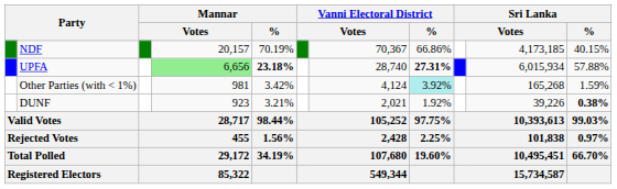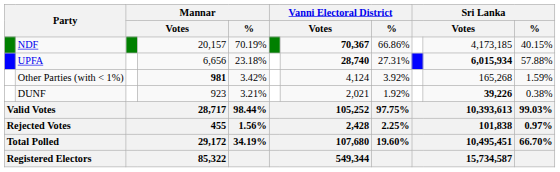 <table class="wikitable">
 <tr>
 <th colspan="2" width="144px"rowspan="2">Party</th>
 <th colspan="3" width="216px">Mannar</th>
 <th colspan="3" width="216px"><a href='#'>Vanni Electoral District</a></th>
 <th colspan="3" width="216px">Sri Lanka</th>
 </tr>
 <tr>
 <th colspan="2" width="144px">Votes</th>
 <th>%</th>
 <th colspan="2" width="144px">Votes</th>
 <th>%</th>
 <th colspan="2" width="144px">Votes</th>
 <th>%</th>
 </tr>
 <tr>
 <td style="background-color:green;" width="10px"></td>
 <td style="text-align:left;"><a href='#'>NDF</a></td>
 <td style="background-color:green;" width="10px"></td>
 <td style="text-align:right;">20,157</td>
 <td style="text-align:right;">70.19%</td>
 <td style="background-color:green;" width="10px"></td>
-<td style="text-align:right;">70,367</td>
+<td style="text-align:right;"><strong>70,367</strong></td>
 <td style="text-align:right;">66.86%</td>
 <td style="background-color:white;" width="10px"></td>
 <td style="text-align:right;">4,173,185</td>
 <td style="text-align:right;">40.15%</td>
 </tr>
 <tr>
 <td style="background-color:blue;" width="10px"></td>
 <td style="text-align:left;"><a href='#'>UPFA</a></td>
 <td style="background-color:white;" width="10px"></td>
-<td style="background: lightgreen; text-align:right;">6,656</td>
-<td style="text-align:right;"><strong>23.18%</strong></td>
+<td style="text-align:right;">6,656</td>
+<td style="text-align:right;">23.18%</td>
 <td style="background-color:white;" width="10px"></td>
-<td style="text-align:right;">28,740</td>
-<td style="text-align:right;"><strong>27.31%</strong></td>
+<td style="text-align:right;"><strong>28,740</strong></td>
+<td style="text-align:right;">27.31%</td>
 <td style="background-color:blue;" width="10px"></td>
-<td style="text-align:right;">6,015,934</td>
+<td style="text-align:right;"><strong>6,015,934</strong></td>
 <td style="text-align:right;">57.88%</td>
 </tr>
 <tr>
 <td style="background-color:white;" width="10px"></td>
 <td style="text-align:left;">Other Parties (with < 1%)</td>
 <td style="background-color:white;" width="10px"></td>
-<td style="text-align:right;">981</td>
+<td style="text-align:right;"><strong>981</strong></td>
 <td style="text-align:right;">3.42%</td>
 <td style="background-color:white;" width="10px"></td>
 <td style="text-align:right;">4,124</td>
-<td style="background: paleturquoise; text-align:right;">3.92%</td>
+<td style="text-align:right;">3.92%</td>
 <td style="background-color:white;" width="10px"></td>
 <td style="text-align:right;">165,268</td>
 <td style="text-align:right;">1.59%</td>
 </tr>
 <tr>
 <td style="background-color:white;" width="10px"></td>
 <td style="text-align:left;">DUNF</td>
 <td style="background-color:white;" width="10px"></td>
 <td style="text-align:right;">923</td>
 <td style="text-align:right;">3.21%</td>
 <td style="background-color:white;" width="10px"></td>
 <td style="text-align:right;">2,021</td>
 <td style="text-align:right;">1.92%</td>
 <td style="background-color:white;" width="10px"></td>
-<td style="text-align:right;">39,226</td>
-<td style="text-align:right;"><strong>0.38%</strong></td>
+<td style="text-align:right;"><strong>39,226</strong></td>
+<td style="text-align:right;">0.38%</td>
 </tr>
 <tr>
 <th colspan="2" width="144px"style="text-align:left;">Valid Votes</th>
 <th style="text-align:right;"colspan="2" width="144px">28,717</th>
 <th style="text-align:right;">98.44%</th>
 <th style="text-align:right;"colspan="2" width="144px">105,252</th>
 <th style="text-align:right;">97.75%</th>
 <th style="text-align:right;"colspan="2" width="144px">10,393,613</th>
 <th style="text-align:right;">99.03%</th>
 </tr>
 <tr>
 <th colspan="2" width="144px"style="text-align:left;">Rejected Votes</th>
 <th style="text-align:right;"colspan="2" width="144px">455</th>
 <th style="text-align:right;">1.56%</th>
 <th style="text-align:right;"colspan="2" width="144px">2,428</th>
 <th style="text-align:right;">2.25%</th>
 <th style="text-align:right;"colspan="2" width="144px">101,838</th>
 <th style="text-align:right;">0.97%</th>
 </tr>
 <tr>
 <th colspan="2" width="144px"style="text-align:left;">Total Polled</th>
 <th style="text-align:right;"colspan="2" width="144px">29,172</th>
 <th style="text-align:right;">34.19%</th>
 <th style="text-align:right;"colspan="2" width="144px">107,680</th>
 <th style="text-align:right;">19.60%</th>
 <th style="text-align:right;"colspan="2" width="144px">10,495,451</th>
 <th style="text-align:right;">66.70%</th>
 </tr>
 <tr>
 <th colspan="2" width="144px"style="text-align:left;">Registered Electors</th>
 <th style="text-align:right;"colspan="2" width="144px">85,322</th>
 <th></th>
 <th style="text-align:right;"colspan="2" width="144px">549,344</th>
 <th></th>
 <th style="text-align:right;"colspan="2" width="144px">15,734,587</th>
 <th></th>
 </tr>
 </table>
